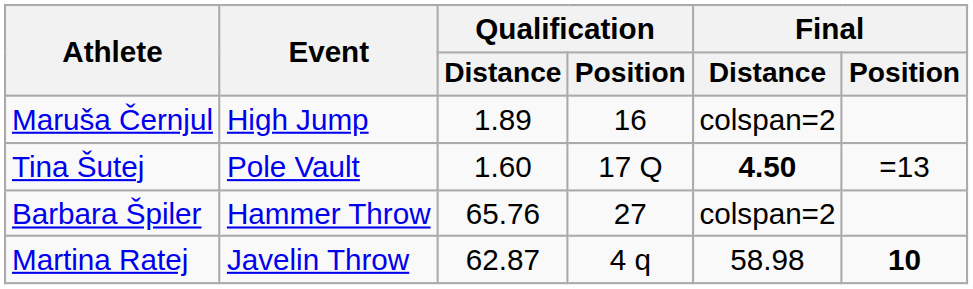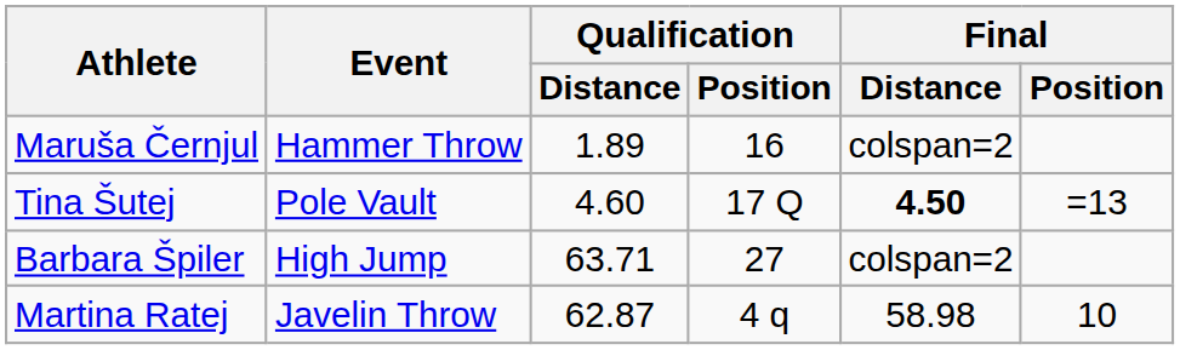 <table class=wikitable style="font-size:90%">
 <tr>
 <th rowspan="2">Athlete</th>
 <th rowspan="2">Event</th>
 <th colspan="2">Qualification</th>
 <th colspan="2">Final</th>
 </tr>
 <tr style="font-size:95%">
 <th>Distance</th>
 <th>Position</th>
 <th>Distance</th>
 <th>Position</th>
 </tr>
 <tr style=text-align:center>
 <td style=text-align:left><a href='#'>Maruša Černjul</a></td>
-<td style=text-align:left><a href='#'>High Jump</a></td>
+<td style=text-align:left><a href='#'>Hammer Throw</a></td>
 <td>1.89</td>
 <td>16</td>
 <td>colspan=2 </td>
 </tr>
 <tr style=text-align:center>
 <td style=text-align:left><a href='#'>Tina Šutej</a></td>
 <td style=text-align:left><a href='#'>Pole Vault</a></td>
-<td>1.60</td>
+<td>4.60</td>
 <td>17 Q</td>
 <td><strong>4.50</strong></td>
 <td>=13</td>
 </tr>
 <tr style=text-align:center>
 <td style=text-align:left><a href='#'>Barbara Špiler</a></td>
-<td style=text-align:left><a href='#'>Hammer Throw</a></td>
-<td>65.76</td>
+<td style=text-align:left><a href='#'>High Jump</a></td>
+<td>63.71</td>
 <td>27</td>
 <td>colspan=2 </td>
 </tr>
 <tr style=text-align:center>
 <td style=text-align:left><a href='#'>Martina Ratej</a></td>
 <td style=text-align:left><a href='#'>Javelin Throw</a></td>
 <td>62.87</td>
 <td>4 q</td>
 <td>58.98</td>
-<td><strong>10</strong></td>
+<td>10</td>
 </tr>
 </table>
